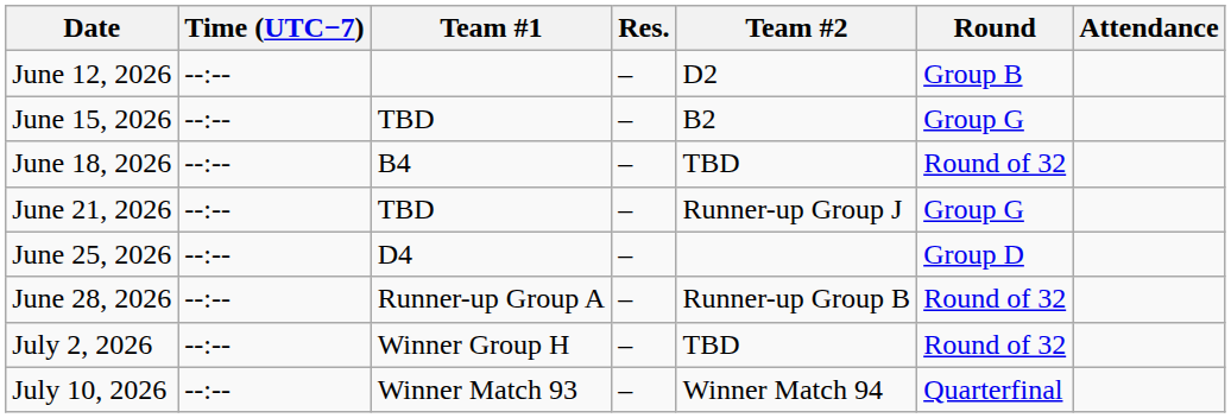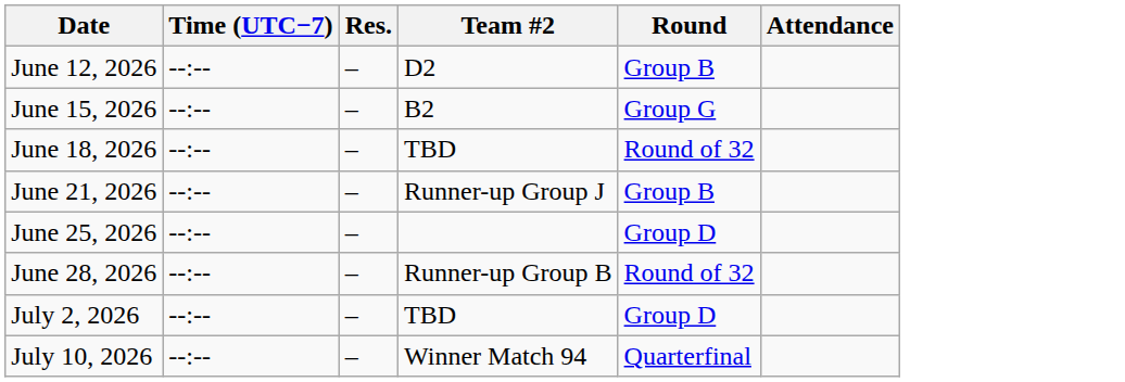 <table class="wikitable sortable">
 <tr>
 <th style="text-align:center;;">Date</th>
 <th style="text-align:center;;">Time (<a href='#'>UTC−7</a>)</th>
-<th style="text-align:center;;">Team #1</th>
 <th style="text-align:center;;">Res.</th>
 <th style="text-align:center;;">Team #2</th>
 <th style="text-align:center;;">Round</th>
 <th>Attendance</th>
 </tr>
 <tr>
 <td>June 12, 2026</td>
 <td>--:--</td>
-<td></td>
 <td>–</td>
 <td>D2</td>
 <td><a href='#'>Group B</a></td>
 <td></td>
 </tr>
 <tr>
 <td>June 15, 2026</td>
 <td>--:--</td>
-<td>TBD</td>
 <td>–</td>
 <td>B2</td>
 <td><a href='#'>Group G</a></td>
 <td></td>
 </tr>
 <tr>
 <td>June 18, 2026</td>
 <td>--:--</td>
-<td>B4</td>
 <td>–</td>
 <td>TBD</td>
 <td><a href='#'>Round of 32</a></td>
 <td></td>
 </tr>
 <tr>
 <td>June 21, 2026</td>
 <td>--:--</td>
-<td>TBD</td>
 <td>–</td>
 <td>Runner-up Group J</td>
-<td><a href='#'>Group G</a></td>
+<td><a href='#'>Group B</a></td>
 <td></td>
 </tr>
 <tr>
 <td>June 25, 2026</td>
 <td>--:--</td>
-<td>D4</td>
 <td>–</td>
 <td></td>
 <td><a href='#'>Group D</a></td>
 <td></td>
 </tr>
 <tr>
 <td>June 28, 2026</td>
 <td>--:--</td>
-<td>Runner-up Group A</td>
 <td>–</td>
 <td>Runner-up Group B</td>
 <td><a href='#'>Round of 32</a></td>
 <td></td>
 </tr>
 <tr>
 <td>July 2, 2026</td>
 <td>--:--</td>
-<td>Winner Group H</td>
 <td>–</td>
 <td>TBD</td>
-<td><a href='#'>Round of 32</a></td>
+<td><a href='#'>Group D</a></td>
 <td></td>
 </tr>
 <tr>
 <td>July 10, 2026</td>
 <td>--:--</td>
-<td>Winner Match 93</td>
 <td>–</td>
 <td>Winner Match 94</td>
 <td><a href='#'>Quarterfinal</a></td>
 <td></td>
 </tr>
 </table>
